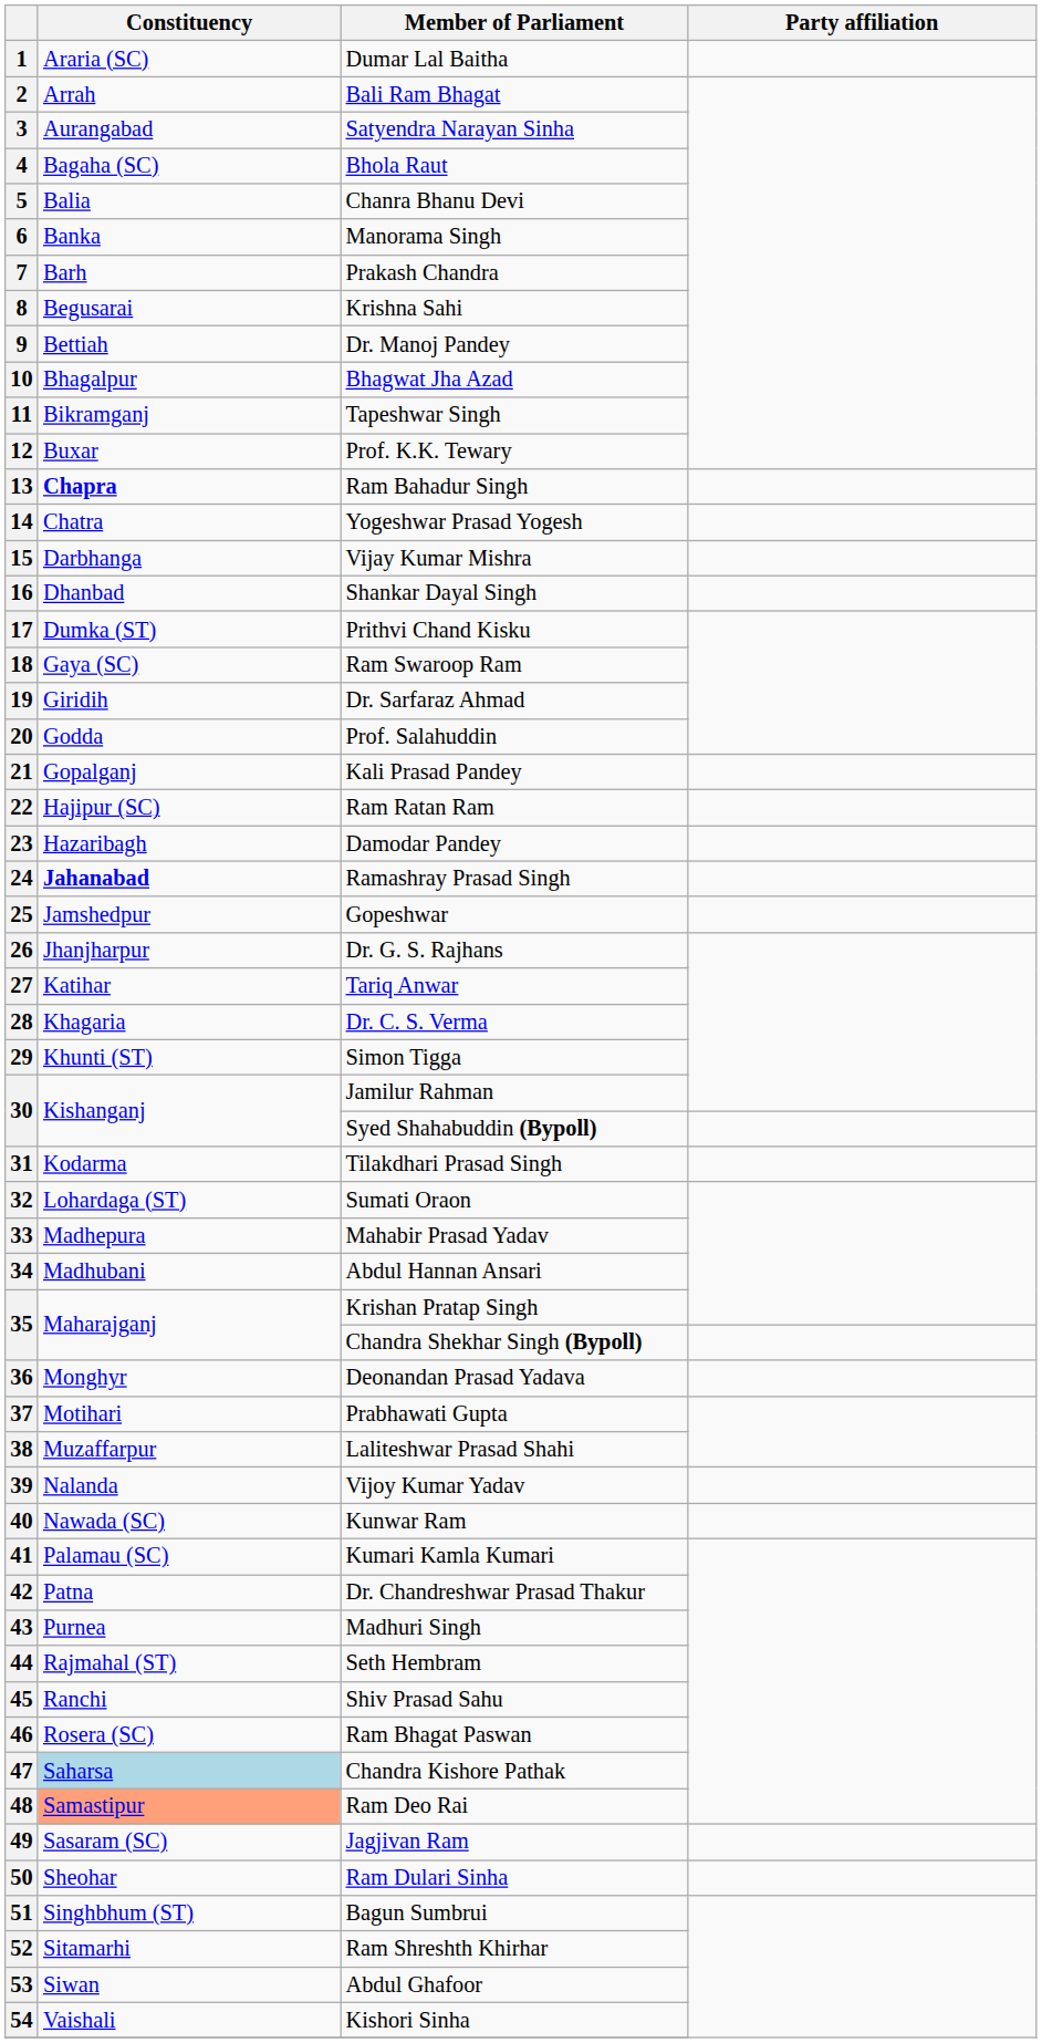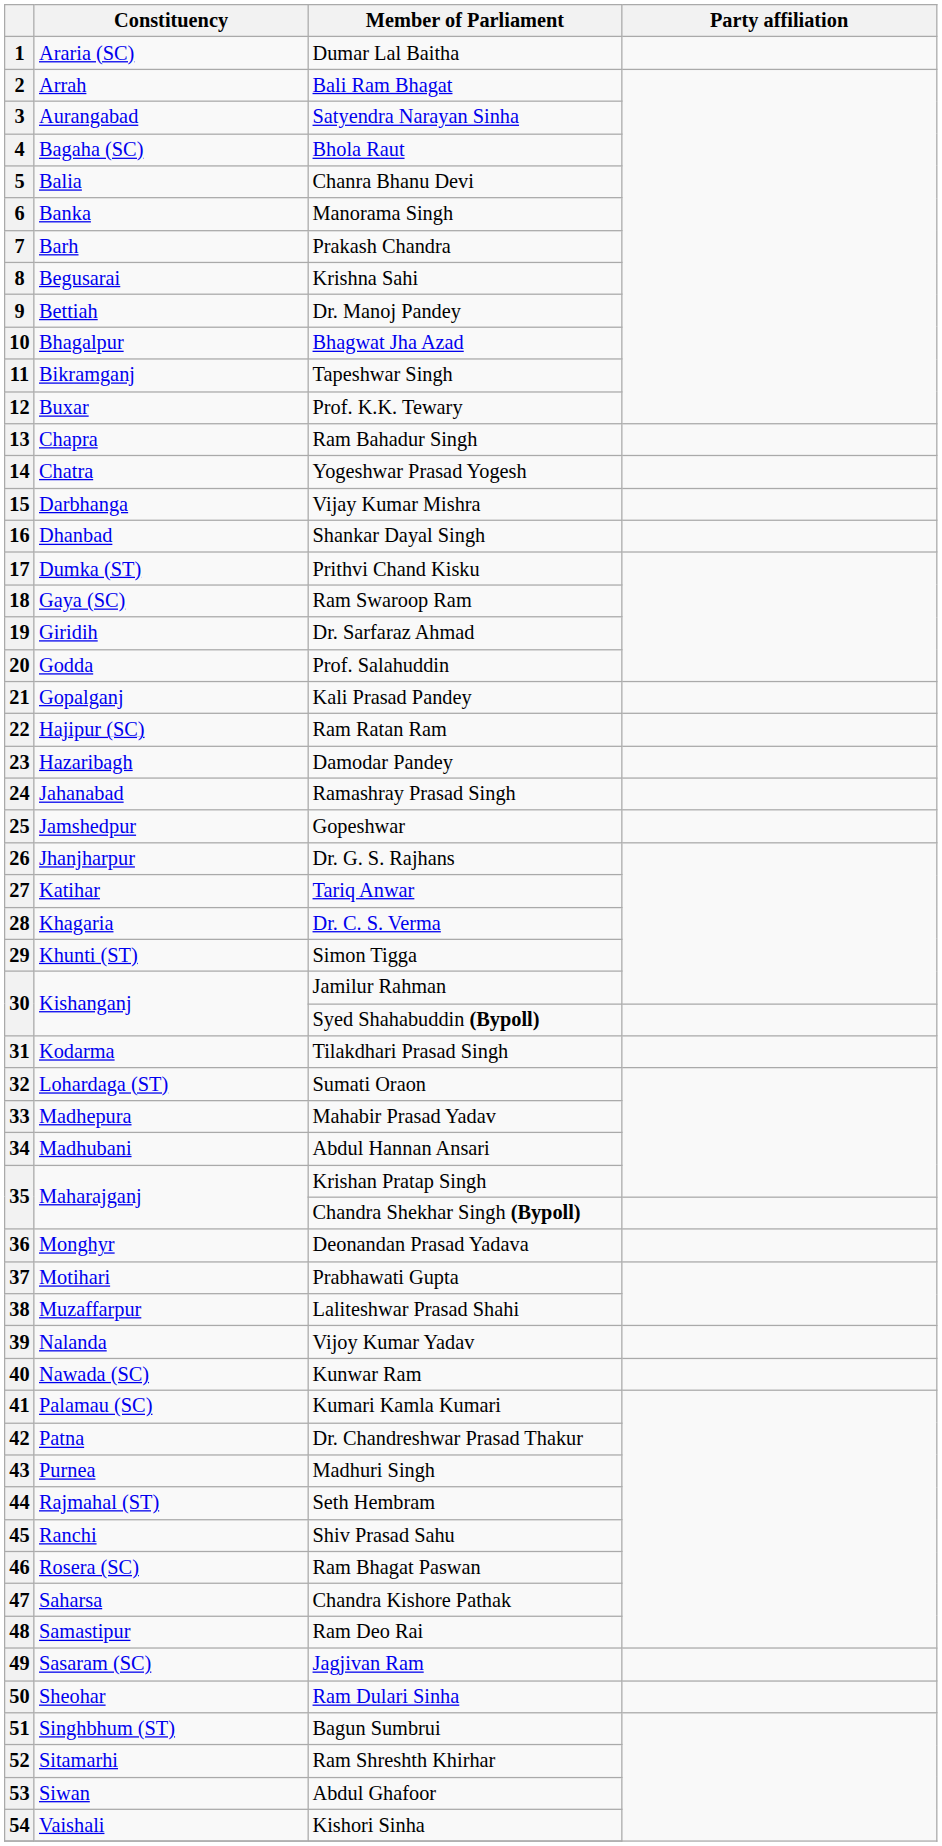 <table class="wikitable sortable">
 <tr style="text-align:center;">
 <th></th>
 <th style="width:13em">Constituency</th>
 <th style="width:15em">Member of Parliament</th>
 <th colspan="2" style="width:15em">Party affiliation</th>
 </tr>
 <tr>
 <th>1</th>
 <td><a href='#'>Araria (SC)</a></td>
 <td>Dumar Lal Baitha</td>
 <td></td>
 </tr>
 <tr>
 <th>2</th>
 <td><a href='#'>Arrah</a></td>
 <td><a href='#'>Bali Ram Bhagat</a></td>
 </tr>
 <tr>
 <th>3</th>
 <td><a href='#'>Aurangabad</a></td>
 <td><a href='#'>Satyendra Narayan Sinha</a></td>
 </tr>
 <tr>
 <th>4</th>
 <td><a href='#'>Bagaha (SC)</a></td>
 <td><a href='#'>Bhola Raut</a></td>
 </tr>
 <tr>
 <th>5</th>
 <td><a href='#'>Balia</a></td>
 <td>Chanra Bhanu Devi</td>
 </tr>
 <tr>
 <th>6</th>
 <td><a href='#'>Banka</a></td>
 <td>Manorama Singh</td>
 </tr>
 <tr>
 <th>7</th>
 <td><a href='#'>Barh</a></td>
 <td>Prakash Chandra</td>
 </tr>
 <tr>
 <th>8</th>
 <td><a href='#'>Begusarai</a></td>
 <td>Krishna Sahi</td>
 </tr>
 <tr>
 <th>9</th>
 <td><a href='#'>Bettiah</a></td>
 <td>Dr. Manoj Pandey</td>
 </tr>
 <tr>
 <th>10</th>
 <td><a href='#'>Bhagalpur</a></td>
 <td><a href='#'>Bhagwat Jha Azad</a></td>
 </tr>
 <tr>
 <th>11</th>
 <td><a href='#'>Bikramganj</a></td>
 <td>Tapeshwar Singh</td>
 </tr>
 <tr>
 <th>12</th>
 <td><a href='#'>Buxar</a></td>
 <td>Prof. K.K. Tewary</td>
 </tr>
 <tr>
 <th>13</th>
-<td><strong><a href='#'>Chapra</a></strong></td>
+<td><a href='#'>Chapra</a></td>
 <td>Ram Bahadur Singh</td>
 <td></td>
 </tr>
 <tr>
 <th>14</th>
 <td><a href='#'>Chatra</a></td>
 <td>Yogeshwar Prasad Yogesh</td>
 <td></td>
 </tr>
 <tr>
 <th>15</th>
 <td><a href='#'>Darbhanga</a></td>
 <td>Vijay Kumar Mishra</td>
 <td></td>
 </tr>
 <tr>
 <th>16</th>
 <td><a href='#'>Dhanbad</a></td>
 <td>Shankar Dayal Singh</td>
 <td></td>
 </tr>
 <tr>
 <th>17</th>
 <td><a href='#'>Dumka (ST)</a></td>
 <td>Prithvi Chand Kisku</td>
 </tr>
 <tr>
 <th>18</th>
 <td><a href='#'>Gaya (SC)</a></td>
 <td>Ram Swaroop Ram</td>
 </tr>
 <tr>
 <th>19</th>
 <td><a href='#'>Giridih</a></td>
 <td>Dr. Sarfaraz Ahmad</td>
 </tr>
 <tr>
 <th>20</th>
 <td><a href='#'>Godda</a></td>
 <td>Prof. Salahuddin</td>
 </tr>
 <tr>
 <th>21</th>
 <td><a href='#'>Gopalganj</a></td>
 <td>Kali Prasad Pandey</td>
 <td></td>
 </tr>
 <tr>
 <th>22</th>
 <td><a href='#'>Hajipur (SC)</a></td>
 <td>Ram Ratan Ram</td>
 <td></td>
 </tr>
 <tr>
 <th>23</th>
 <td><a href='#'>Hazaribagh</a></td>
 <td>Damodar Pandey</td>
 </tr>
 <tr>
 <th>24</th>
-<td><strong><a href='#'>Jahanabad</a></strong></td>
+<td><a href='#'>Jahanabad</a></td>
 <td>Ramashray Prasad Singh</td>
 <td></td>
 </tr>
 <tr>
 <th>25</th>
 <td><a href='#'>Jamshedpur</a></td>
 <td>Gopeshwar</td>
 <td></td>
 </tr>
 <tr>
 <th>26</th>
 <td><a href='#'>Jhanjharpur</a></td>
 <td>Dr. G. S. Rajhans</td>
 </tr>
 <tr>
 <th>27</th>
 <td><a href='#'>Katihar</a></td>
 <td><a href='#'>Tariq Anwar</a></td>
 </tr>
 <tr>
 <th>28</th>
 <td><a href='#'>Khagaria</a></td>
 <td><a href='#'>Dr. C. S. Verma</a></td>
 </tr>
 <tr>
 <th>29</th>
 <td><a href='#'>Khunti (ST)</a></td>
 <td>Simon Tigga</td>
 </tr>
 <tr>
 <th rowspan=2>30</th>
 <td rowspan=2><a href='#'>Kishanganj</a></td>
 <td>Jamilur Rahman</td>
 </tr>
 <tr>
 <td>Syed Shahabuddin <strong>(Bypoll)</strong></td>
 <td></td>
 </tr>
 <tr>
 <th>31</th>
 <td><a href='#'>Kodarma</a></td>
 <td>Tilakdhari Prasad Singh</td>
 <td></td>
 </tr>
 <tr>
 <th>32</th>
 <td><a href='#'>Lohardaga (ST)</a></td>
 <td>Sumati Oraon</td>
 </tr>
 <tr>
 <th>33</th>
 <td><a href='#'>Madhepura</a></td>
 <td>Mahabir Prasad Yadav</td>
 </tr>
 <tr>
 <th>34</th>
 <td><a href='#'>Madhubani</a></td>
 <td>Abdul Hannan Ansari</td>
 </tr>
 <tr>
 <th rowspan=2>35</th>
 <td rowspan=2><a href='#'>Maharajganj</a></td>
 <td>Krishan Pratap Singh</td>
 </tr>
 <tr>
 <td>Chandra Shekhar Singh <strong>(Bypoll)</strong></td>
 <td></td>
 </tr>
 <tr>
 <th>36</th>
 <td><a href='#'>Monghyr</a></td>
 <td>Deonandan Prasad Yadava</td>
 <td></td>
 </tr>
 <tr>
 <th>37</th>
 <td><a href='#'>Motihari</a></td>
 <td>Prabhawati Gupta</td>
 </tr>
 <tr>
 <th>38</th>
 <td><a href='#'>Muzaffarpur</a></td>
 <td>Laliteshwar Prasad Shahi</td>
 </tr>
 <tr>
 <th>39</th>
 <td><a href='#'>Nalanda</a></td>
 <td>Vijoy Kumar Yadav</td>
 <td></td>
 </tr>
 <tr>
 <th>40</th>
 <td><a href='#'>Nawada (SC)</a></td>
 <td>Kunwar Ram</td>
 <td></td>
 </tr>
 <tr>
 <th>41</th>
 <td><a href='#'>Palamau (SC)</a></td>
 <td>Kumari Kamla Kumari</td>
 </tr>
 <tr>
 <th>42</th>
 <td><a href='#'>Patna</a></td>
 <td>Dr. Chandreshwar Prasad Thakur</td>
 </tr>
 <tr>
 <th>43</th>
 <td><a href='#'>Purnea</a></td>
 <td>Madhuri Singh</td>
 </tr>
 <tr>
 <th>44</th>
 <td><a href='#'>Rajmahal (ST)</a></td>
 <td>Seth Hembram</td>
 </tr>
 <tr>
 <th>45</th>
 <td><a href='#'>Ranchi</a></td>
 <td>Shiv Prasad Sahu</td>
 </tr>
 <tr>
 <th>46</th>
 <td><a href='#'>Rosera (SC)</a></td>
 <td>Ram Bhagat Paswan</td>
 </tr>
 <tr>
 <th>47</th>
-<td style="background: lightblue;"><a href='#'>Saharsa</a></td>
+<td><a href='#'>Saharsa</a></td>
 <td>Chandra Kishore Pathak</td>
 </tr>
 <tr>
 <th>48</th>
-<td style="background: lightsalmon;"><a href='#'>Samastipur</a></td>
+<td><a href='#'>Samastipur</a></td>
 <td>Ram Deo Rai</td>
 </tr>
 <tr>
 <th>49</th>
 <td><a href='#'>Sasaram (SC)</a></td>
 <td><a href='#'>Jagjivan Ram</a></td>
 <td></td>
 </tr>
 <tr>
 <th>50</th>
 <td><a href='#'>Sheohar</a></td>
 <td><a href='#'>Ram Dulari Sinha</a></td>
 <td></td>
 </tr>
 <tr>
 <th>51</th>
 <td><a href='#'>Singhbhum (ST)</a></td>
 <td>Bagun Sumbrui</td>
 </tr>
 <tr>
 <th>52</th>
 <td><a href='#'>Sitamarhi</a></td>
 <td>Ram Shreshth Khirhar</td>
 </tr>
 <tr>
 <th>53</th>
 <td><a href='#'>Siwan</a></td>
 <td>Abdul Ghafoor</td>
 </tr>
 <tr>
 <th>54</th>
 <td><a href='#'>Vaishali</a></td>
 <td>Kishori Sinha</td>
 </tr>
 <tr>
 </tr>
 </table>
